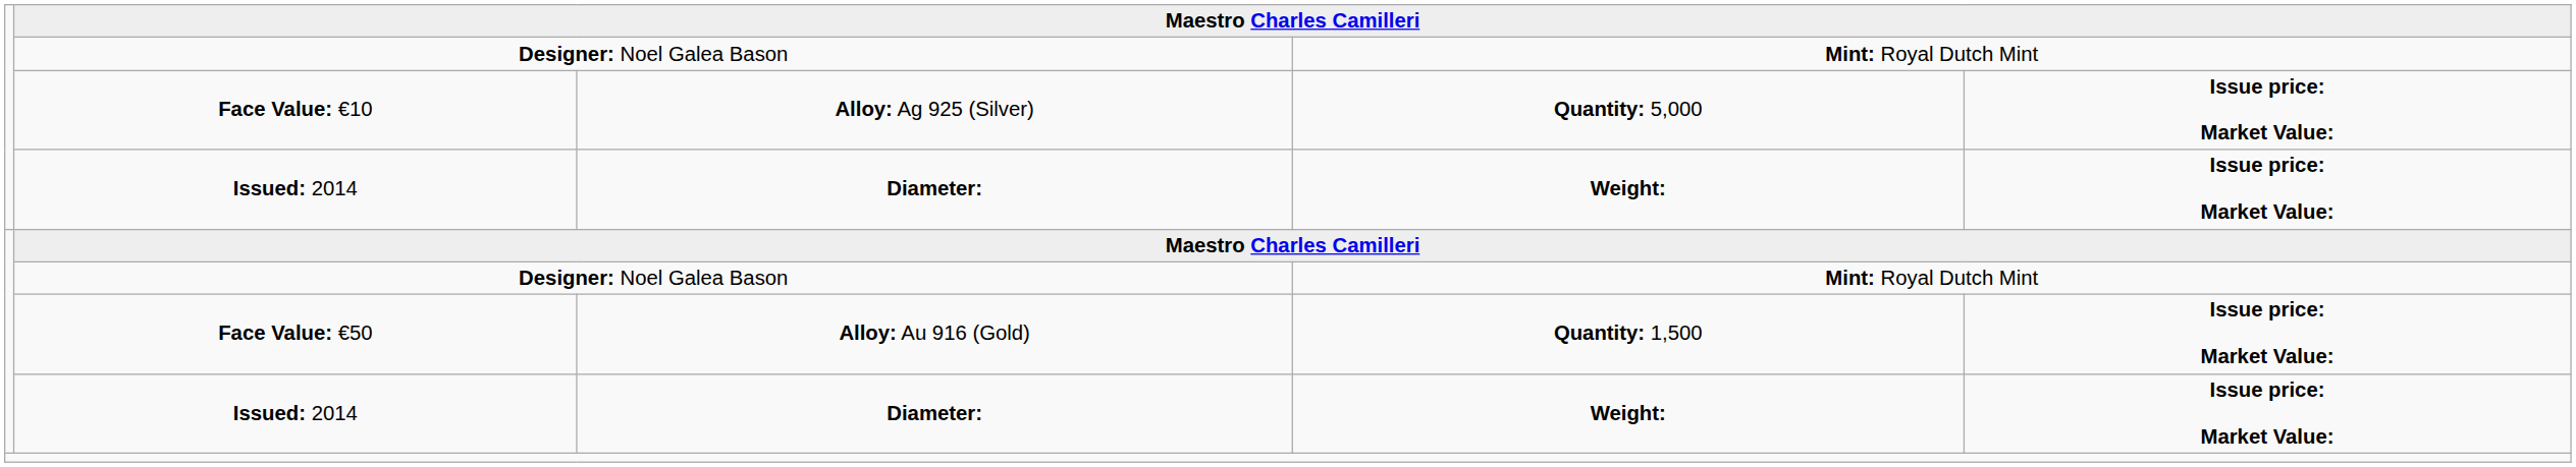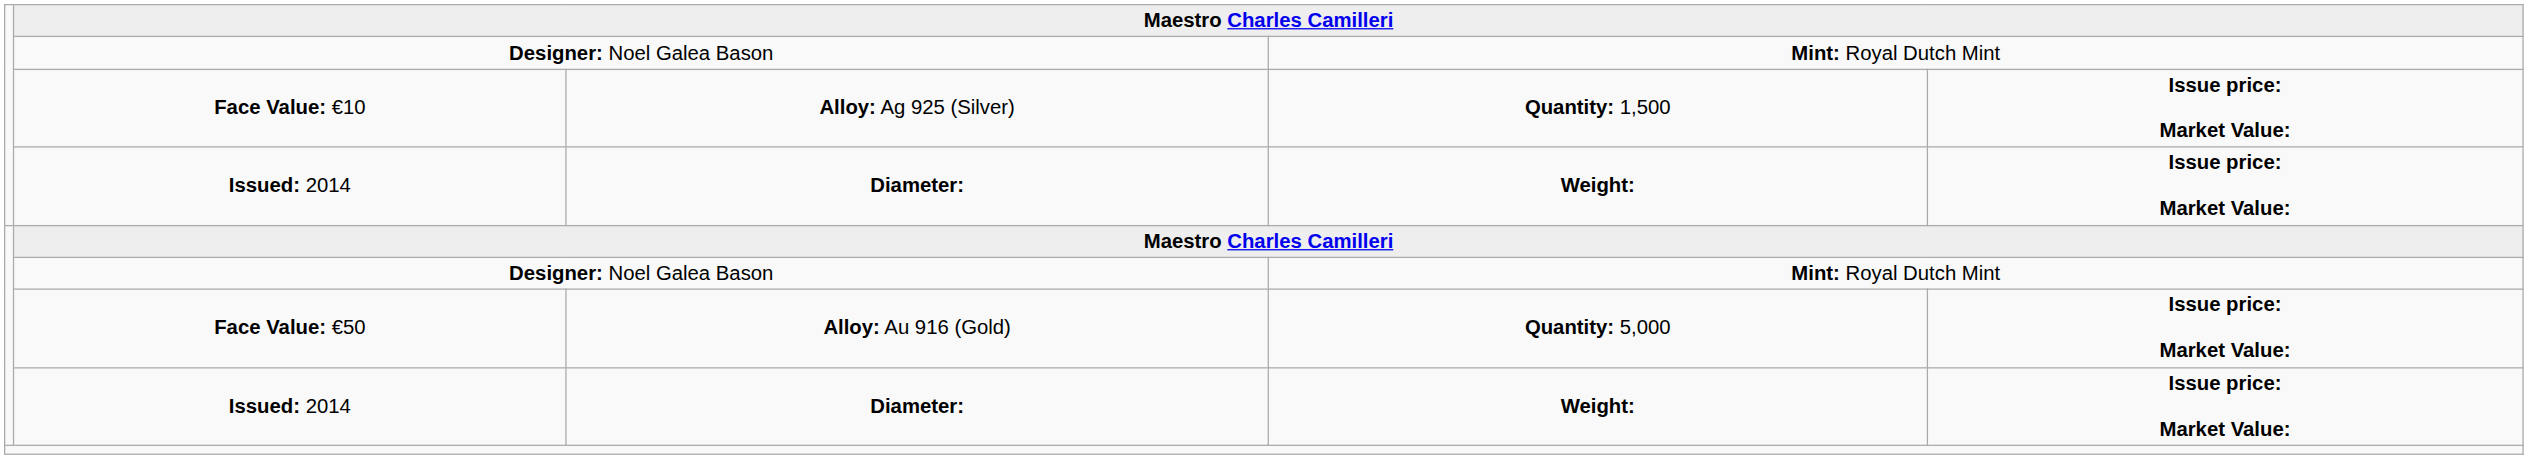 <table class="wikitable" width=100%>
 <tr>
 <td rowspan=4 width="330px" nowrap align=center></td>
 <th colspan="4" align=center style="background:#eeeeee;">Maestro <a href='#'>Charles Camilleri</a></th>
 </tr>
 <tr>
 <td colspan="2" width="50%" align=center><strong>Designer:</strong> Noel Galea Bason</td>
 <td colspan="2" width="50%" align=center><strong>Mint:</strong> Royal Dutch Mint</td>
 </tr>
 <tr>
 <td align=center><strong>Face Value:</strong> €10</td>
 <td align=center><strong>Alloy:</strong> Ag 925 (Silver)</td>
-<td align=center><strong>Quantity:</strong> 5,000</td>
+<td align=center><strong>Quantity:</strong> 1,500</td>
 <td align=center><strong>Issue price:</strong><br><br> <strong>Market Value:</strong></td>
 </tr>
 <tr>
 <td align=center><strong>Issued:</strong> 2014</td>
 <td align=center><strong>Diameter:</strong> </td>
 <td align=center><strong>Weight:</strong> </td>
 <td align=center><strong>Issue price:</strong><br><br> <strong>Market Value:</strong></td>
 </tr>
 <tr>
 <td rowspan=4 width="330px" nowrap align=center></td>
 <th colspan="4" align=center style="background:#eeeeee;">Maestro <a href='#'>Charles Camilleri</a></th>
 </tr>
 <tr>
 <td colspan="2" width="50%" align=center><strong>Designer:</strong> Noel Galea Bason</td>
 <td colspan="2" width="50%" align=center><strong>Mint:</strong> Royal Dutch Mint</td>
 </tr>
 <tr>
 <td align=center><strong>Face Value:</strong> €50</td>
 <td align=center><strong>Alloy:</strong> Au 916 (Gold)</td>
-<td align=center><strong>Quantity:</strong> 1,500</td>
+<td align=center><strong>Quantity:</strong> 5,000</td>
 <td align=center><strong>Issue price:</strong><br><br> <strong>Market Value:</strong></td>
 </tr>
 <tr>
 <td align=center><strong>Issued:</strong> 2014</td>
 <td align=center><strong>Diameter:</strong> </td>
 <td align=center><strong>Weight:</strong> </td>
 <td align=center><strong>Issue price:</strong><br><br> <strong>Market Value:</strong></td>
 </tr>
 <tr>
 <td colspan="5" align=left></td>
 </tr>
 </table>
